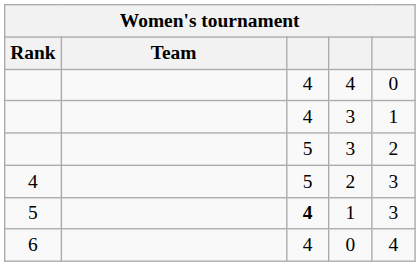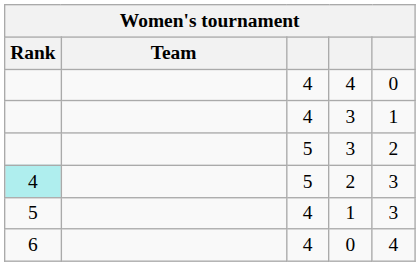 <table class="wikitable" style="text-align: center; font-size:90% ">
 <tr>
 <th colspan=9>Women's tournament</th>
 </tr>
 <tr>
 <th width=35>Rank</th>
 <th width=160>Team</th>
 <th width=25></th>
 <th width=25></th>
 <th width=25></th>
 </tr>
 <tr>
 <td></td>
 <td align=left></td>
 <td>4</td>
 <td>4</td>
 <td>0</td>
 </tr>
 <tr>
 <td></td>
 <td align=left></td>
 <td>4</td>
 <td>3</td>
 <td>1</td>
 </tr>
 <tr>
 <td></td>
 <td align=left></td>
 <td>5</td>
 <td>3</td>
 <td>2</td>
 </tr>
 <tr>
-<td>4</td>
+<td style="background: paleturquoise;">4</td>
 <td align=left></td>
 <td>5</td>
 <td>2</td>
 <td>3</td>
 </tr>
 <tr>
 <td>5</td>
 <td align=left></td>
-<td><strong>4</strong></td>
+<td>4</td>
 <td>1</td>
 <td>3</td>
 </tr>
 <tr>
 <td>6</td>
 <td align=left></td>
 <td>4</td>
 <td>0</td>
 <td>4</td>
 </tr>
 </table>
